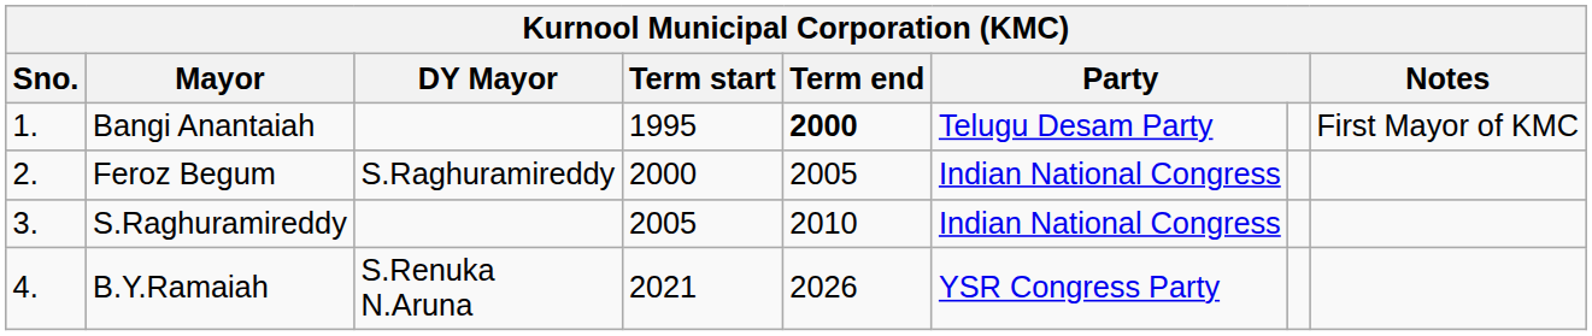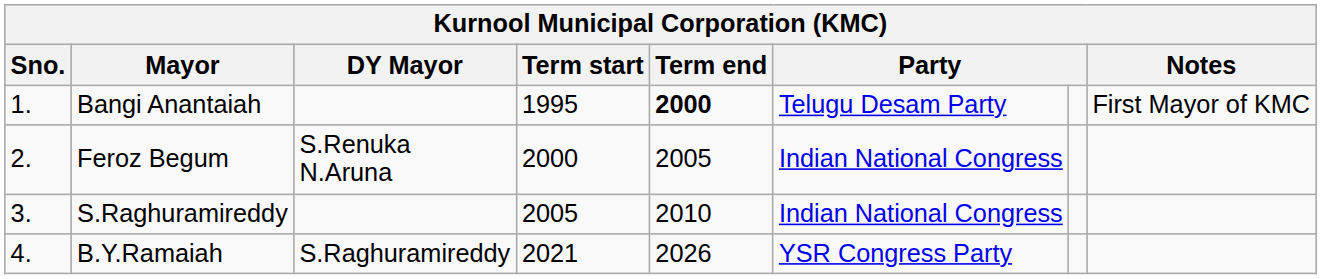 <table class="wikitable sortable">
 <tr>
 <th colspan="8">Kurnool Municipal Corporation (KMC)</th>
 </tr>
 <tr>
 <th>Sno.</th>
 <th>Mayor</th>
 <th>DY Mayor</th>
 <th>Term start</th>
 <th>Term end</th>
 <th colspan=2>Party</th>
 <th>Notes</th>
 </tr>
 <tr>
 <td>1.</td>
 <td>Bangi Anantaiah</td>
 <td></td>
 <td>1995</td>
 <td><strong>2000</strong></td>
 <td rowspan="1"><a href='#'>Telugu Desam Party</a></td>
 <td rowspan="1" width="4px" style="background-color: "></td>
 <td>First Mayor of KMC</td>
 </tr>
 <tr>
 <td>2.</td>
 <td>Feroz Begum</td>
-<td>S.Raghuramireddy</td>
+<td>S.Renuka<br> N.Aruna</td>
 <td>2000</td>
 <td>2005</td>
 <td rowspan="1"><a href='#'>Indian National Congress</a></td>
 <td rowspan="1" width="4px" style="background-color: "></td>
 <td></td>
 </tr>
 <tr>
 <td>3.</td>
 <td>S.Raghuramireddy</td>
 <td></td>
 <td>2005</td>
 <td>2010</td>
 <td rowspan="1"><a href='#'>Indian National Congress</a></td>
 <td rowspan="1" width="4px" style="background-color: "></td>
 <td></td>
 </tr>
 <tr>
 <td>4.</td>
 <td>B.Y.Ramaiah</td>
-<td>S.Renuka<br> N.Aruna</td>
+<td>S.Raghuramireddy</td>
 <td>2021</td>
 <td>2026</td>
 <td rowspan="1"><a href='#'>YSR Congress Party</a></td>
 <td rowspan="1" width="4px" style="background-color: "></td>
 <td></td>
 </tr>
 </table>
